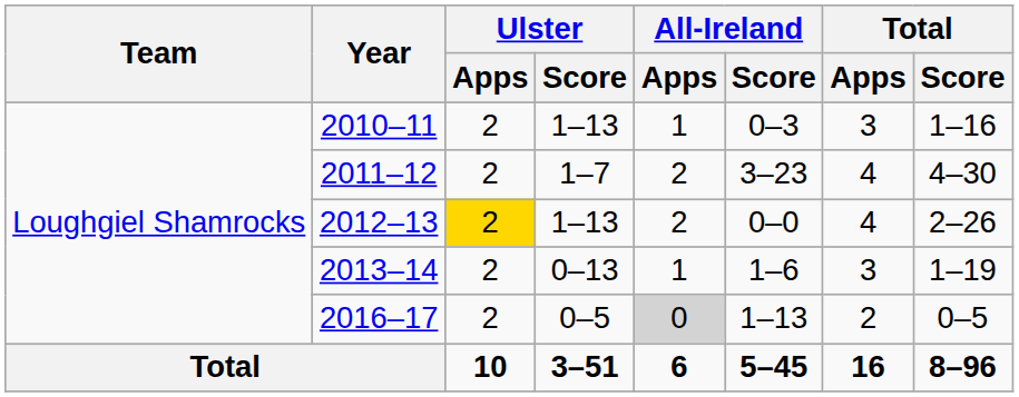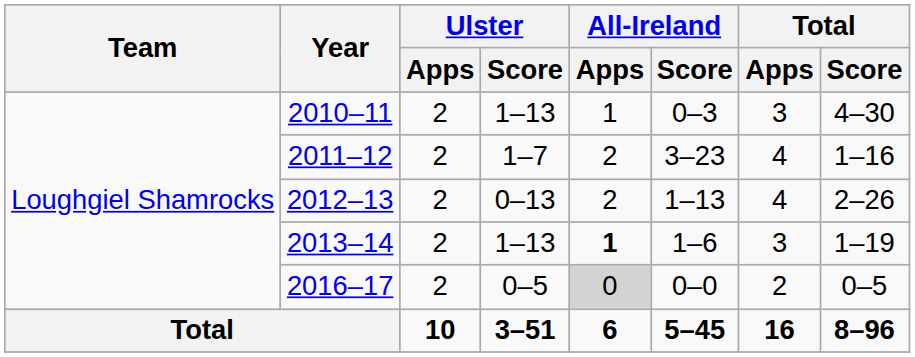 <table class="wikitable" style="text-align:center">
 <tr>
 <th rowspan="2">Team</th>
 <th rowspan="2">Year</th>
 <th colspan="2"><a href='#'>Ulster</a></th>
 <th colspan="2"><a href='#'>All-Ireland</a></th>
 <th colspan="2">Total</th>
 </tr>
 <tr>
 <th>Apps</th>
 <th>Score</th>
 <th>Apps</th>
 <th>Score</th>
 <th>Apps</th>
 <th>Score</th>
 </tr>
 <tr>
 <td rowspan="5"><a href='#'>Loughgiel Shamrocks</a></td>
 <td><a href='#'>2010–11</a></td>
 <td>2</td>
 <td>1–13</td>
 <td>1</td>
 <td>0–3</td>
 <td>3</td>
-<td>1–16</td>
+<td>4–30</td>
 </tr>
 <tr>
 <td><a href='#'>2011–12</a></td>
 <td>2</td>
 <td>1–7</td>
 <td>2</td>
 <td>3–23</td>
 <td>4</td>
-<td>4–30</td>
+<td>1–16</td>
 </tr>
 <tr>
 <td><a href='#'>2012–13</a></td>
-<td style="background: gold;">2</td>
+<td>2</td>
+<td>0–13</td>
+<td>2</td>
 <td>1–13</td>
-<td>2</td>
-<td>0–0</td>
 <td>4</td>
 <td>2–26</td>
 </tr>
 <tr>
 <td><a href='#'>2013–14</a></td>
 <td>2</td>
-<td>0–13</td>
-<td>1</td>
+<td>1–13</td>
+<td><strong>1</strong></td>
 <td>1–6</td>
 <td>3</td>
 <td>1–19</td>
 </tr>
 <tr>
 <td><a href='#'>2016–17</a></td>
 <td>2</td>
 <td>0–5</td>
 <td style="background: lightgrey;">0</td>
-<td>1–13</td>
+<td>0–0</td>
 <td>2</td>
 <td>0–5</td>
 </tr>
 <tr>
 <th colspan="2">Total</th>
 <td><strong>10</strong></td>
 <td><strong>3–51</strong></td>
 <td><strong>6</strong></td>
 <td><strong>5–45</strong></td>
 <td><strong>16</strong></td>
 <td><strong>8–96</strong></td>
 </tr>
 </table>
